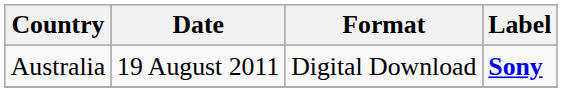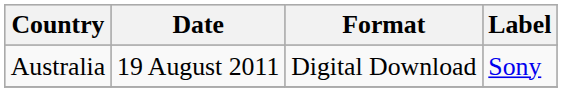 <table class="wikitable">
 <tr>
 <th>Country</th>
 <th>Date</th>
 <th>Format</th>
 <th>Label</th>
 </tr>
 <tr>
 <td>Australia</td>
 <td>19 August 2011</td>
 <td>Digital Download</td>
-<td><strong><a href='#'>Sony</a></strong></td>
+<td><a href='#'>Sony</a></td>
 </tr>
 <tr>
 </tr>
 </table>
